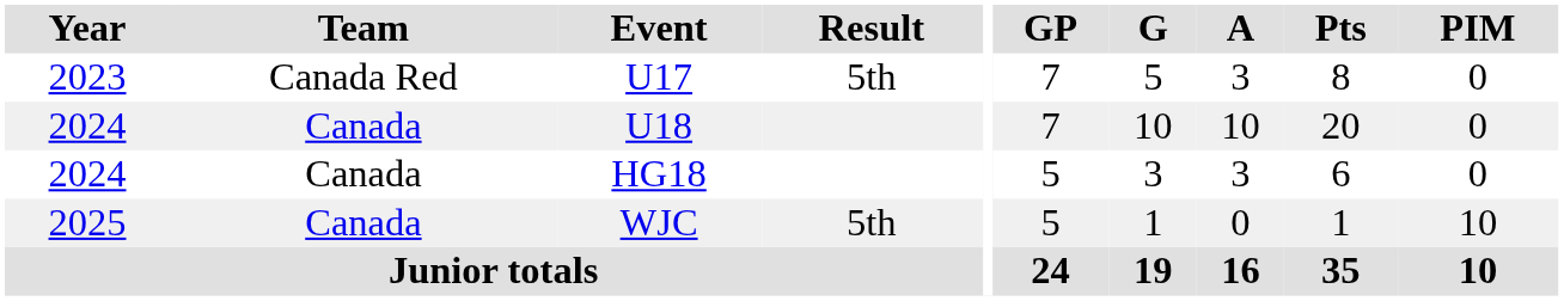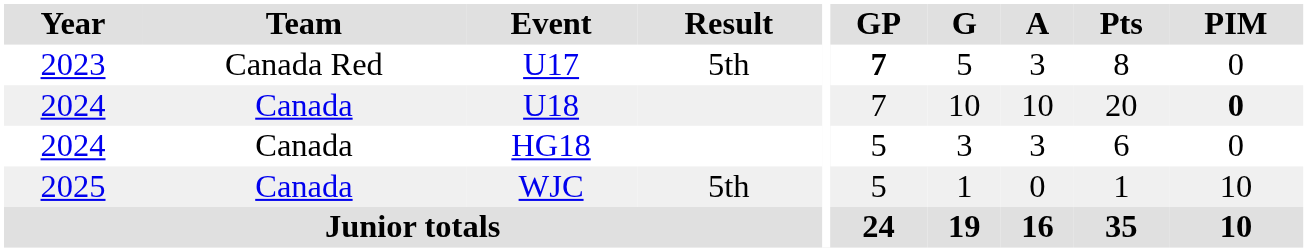 <table border="0" cellpadding="1" cellspacing="0" ID="Table3" style="text-align:center; width:40em;">
 <tr bgcolor="#e0e0e0">
 <th>Year</th>
 <th>Team</th>
 <th>Event</th>
 <th>Result</th>
 <th rowspan="101" bgcolor="#ffffff"></th>
 <th>GP</th>
 <th>G</th>
 <th>A</th>
 <th>Pts</th>
 <th>PIM</th>
 </tr>
 <tr>
 <td><a href='#'>2023</a></td>
 <td>Canada Red</td>
 <td><a href='#'>U17</a></td>
 <td>5th</td>
-<td>7</td>
+<td><strong>7</strong></td>
 <td>5</td>
 <td>3</td>
 <td>8</td>
 <td>0</td>
 </tr>
 <tr bgcolor="#f0f0f0">
 <td><a href='#'>2024</a></td>
 <td><a href='#'>Canada</a></td>
 <td><a href='#'>U18</a></td>
 <td></td>
 <td>7</td>
 <td>10</td>
 <td>10</td>
 <td>20</td>
-<td>0</td>
+<td><strong>0</strong></td>
 </tr>
 <tr>
 <td><a href='#'>2024</a></td>
 <td>Canada</td>
 <td><a href='#'>HG18</a></td>
 <td></td>
 <td>5</td>
 <td>3</td>
 <td>3</td>
 <td>6</td>
 <td>0</td>
 </tr>
 <tr bgcolor="#f0f0f0">
 <td><a href='#'>2025</a></td>
 <td><a href='#'>Canada</a></td>
 <td><a href='#'>WJC</a></td>
 <td>5th</td>
 <td>5</td>
 <td>1</td>
 <td>0</td>
 <td>1</td>
 <td>10</td>
 </tr>
 <tr bgcolor="#e0e0e0">
 <th colspan="4">Junior totals</th>
 <th>24</th>
 <th>19</th>
 <th>16</th>
 <th>35</th>
 <th>10</th>
 </tr>
 </table>
